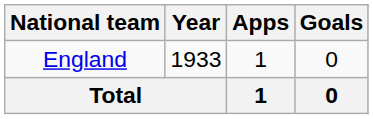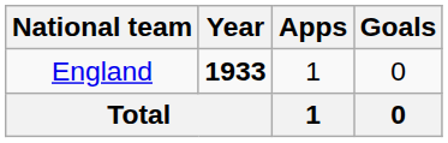 <table class="wikitable" style="text-align: center;">
 <tr>
 <th>National team</th>
 <th>Year</th>
 <th>Apps</th>
 <th>Goals</th>
 </tr>
 <tr>
 <td><a href='#'>England</a></td>
-<td>1933</td>
+<td><strong>1933</strong></td>
 <td>1</td>
 <td>0</td>
 </tr>
 <tr>
 <th colspan="2">Total</th>
 <th>1</th>
 <th>0</th>
 </tr>
 </table>
